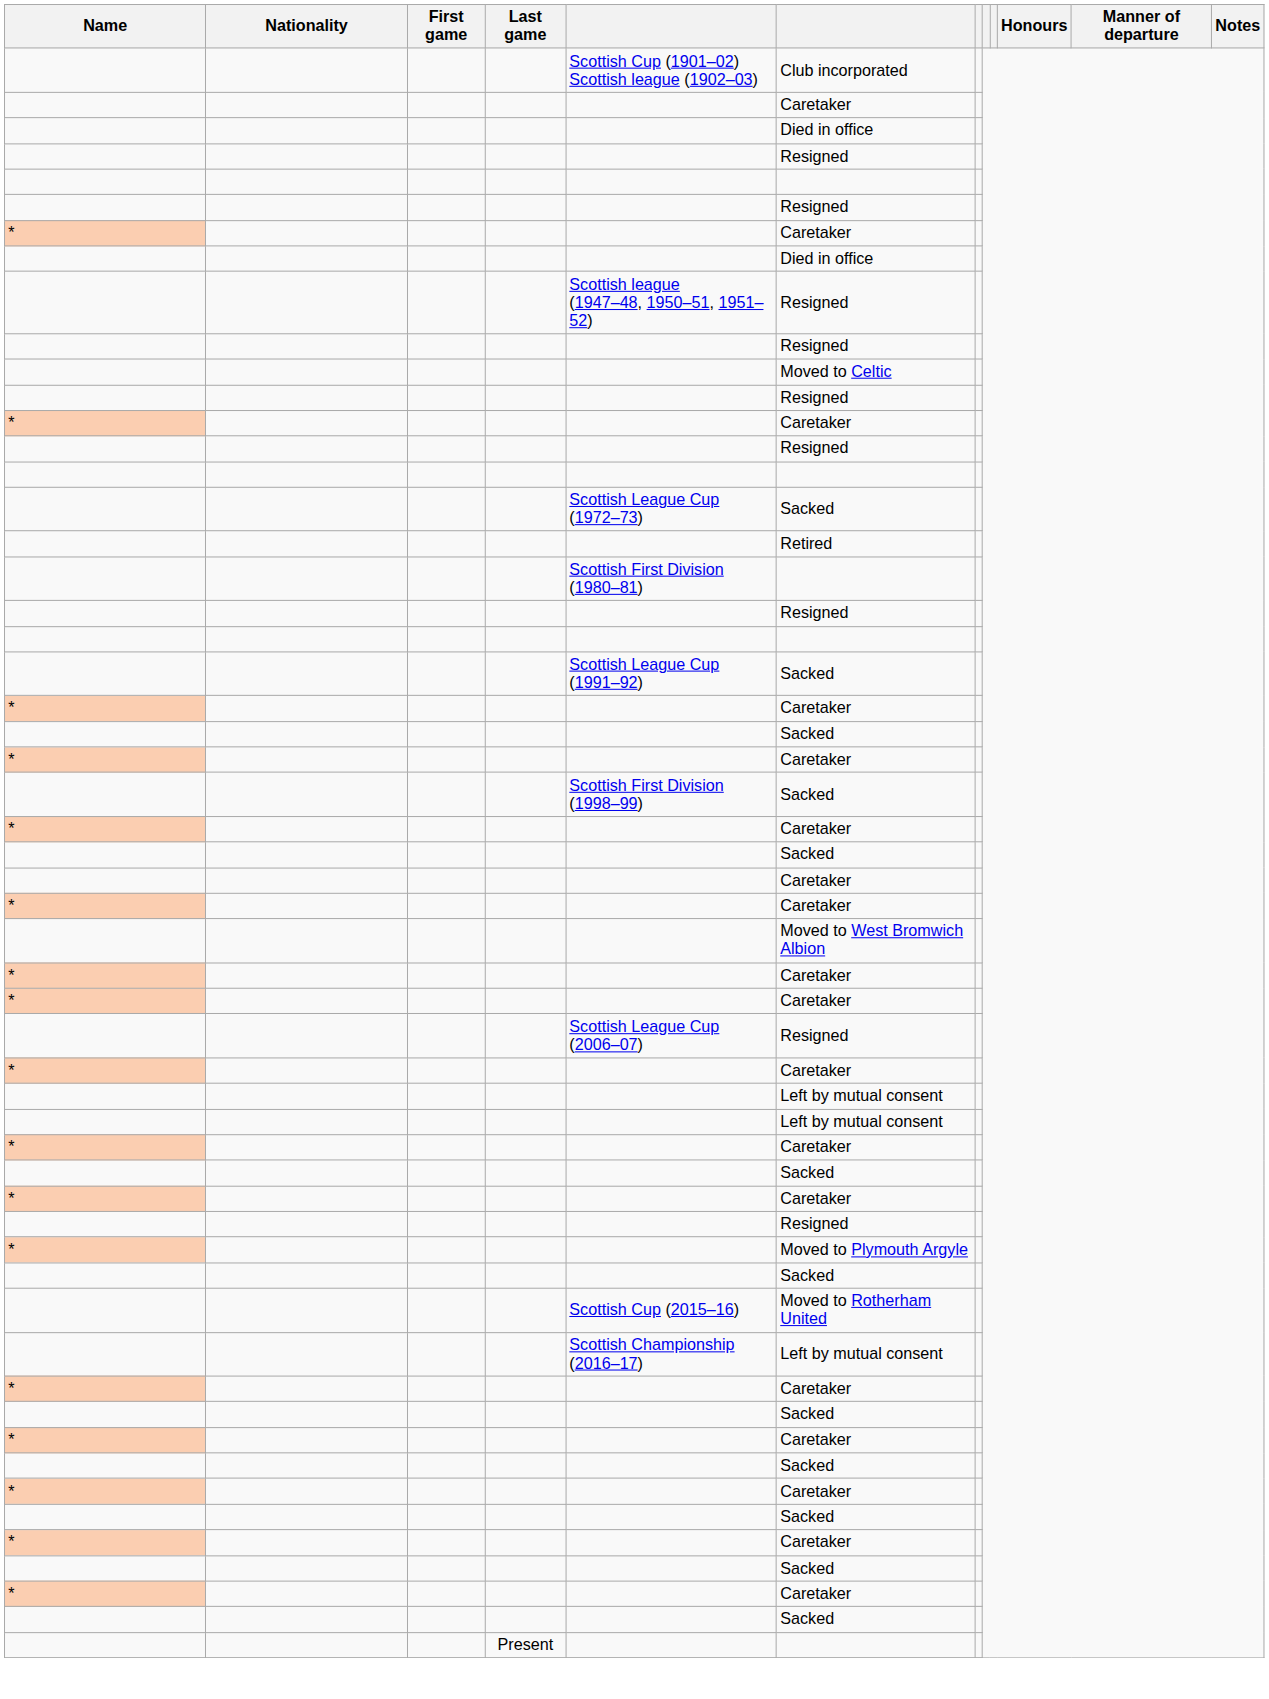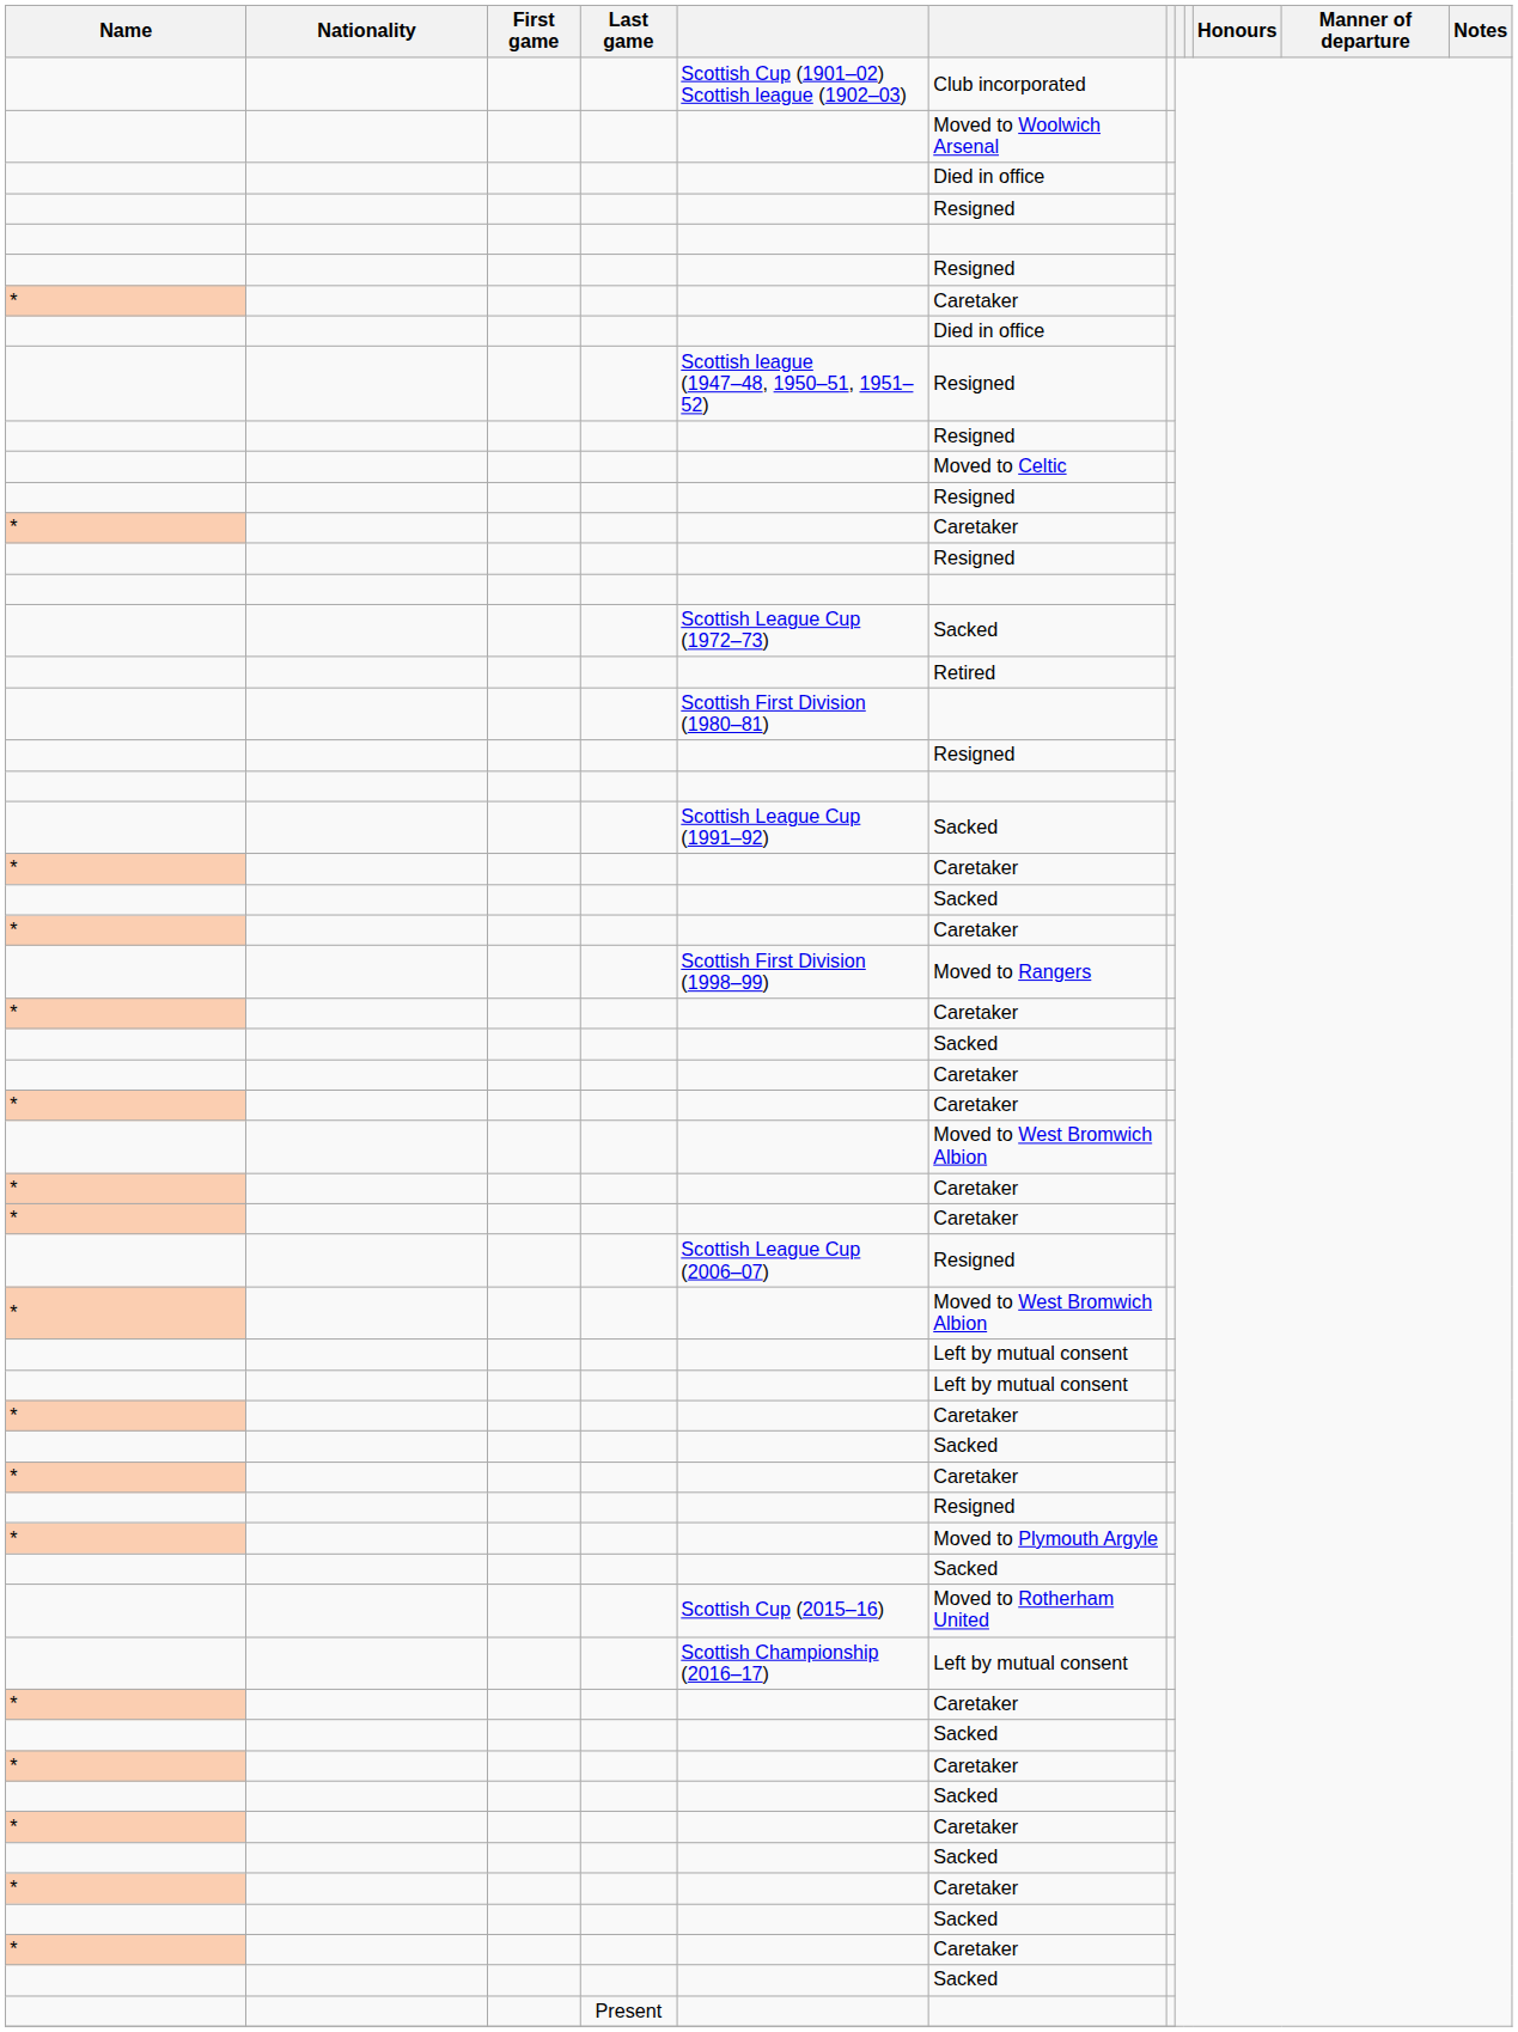 <table class="wikitable sortable" style="text-align: center;">
 <tr>
 <th style="width:12em">Name</th>
 <th style="width:12em">Nationality</th>
 <th>First game</th>
 <th>Last game</th>
 <th></th>
 <th></th>
 <th></th>
 <th></th>
 <th></th>
 <th class="unsortable">Honours</th>
 <th class="unsortable">Manner of departure</th>
 <th class="unsortable">Notes</th>
 </tr>
 <tr>
 <td align=left></td>
 <td align=left></td>
 <td></td>
 <td><br></td>
 <td align=left><a href='#'>Scottish Cup</a> (<a href='#'>1901–02</a>)<br><a href='#'>Scottish league</a> (<a href='#'>1902–03</a>)</td>
 <td align=left>Club incorporated</td>
 <td></td>
 </tr>
 <tr>
 <td align=left></td>
 <td align=left></td>
 <td></td>
 <td><br></td>
 <td></td>
-<td align=left>Caretaker</td>
+<td align=left>Moved to <a href='#'>Woolwich Arsenal</a></td>
 <td></td>
 </tr>
 <tr>
 <td align=left></td>
 <td align=left></td>
 <td></td>
 <td><br></td>
 <td></td>
 <td align=left>Died in office</td>
 <td></td>
 </tr>
 <tr>
 <td align=left></td>
 <td align=left></td>
 <td></td>
 <td><br></td>
 <td></td>
 <td align=left>Resigned</td>
 <td></td>
 </tr>
 <tr>
 <td align=left></td>
 <td align=left></td>
 <td></td>
 <td><br></td>
 <td></td>
 <td align=left></td>
 <td></td>
 </tr>
 <tr>
 <td align=left></td>
 <td align=left></td>
 <td></td>
 <td><br></td>
 <td></td>
 <td align=left>Resigned</td>
 <td></td>
 </tr>
 <tr>
 <td scope=row style=background:#FBCEB1 align=left><em></em>*</td>
 <td align=left></td>
 <td></td>
 <td><br></td>
 <td></td>
 <td align=left>Caretaker</td>
 <td></td>
 </tr>
 <tr>
 <td align=left></td>
 <td align=left></td>
 <td></td>
 <td><br></td>
 <td></td>
 <td align=left>Died in office</td>
 <td></td>
 </tr>
 <tr>
 <td align=left></td>
 <td align=left></td>
 <td></td>
 <td><br></td>
 <td align=left><a href='#'>Scottish league</a><br>(<a href='#'>1947–48</a>, <a href='#'>1950–51</a>, <a href='#'>1951–52</a>)</td>
 <td align=left>Resigned</td>
 <td></td>
 </tr>
 <tr>
 <td align=left></td>
 <td align=left></td>
 <td></td>
 <td><br></td>
 <td></td>
 <td align=left>Resigned</td>
 <td></td>
 </tr>
 <tr>
 <td align=left></td>
 <td align=left></td>
 <td></td>
 <td><br></td>
 <td></td>
 <td align=left>Moved to <a href='#'>Celtic</a></td>
 <td></td>
 </tr>
 <tr>
 <td align=left></td>
 <td align=left></td>
 <td></td>
 <td><br></td>
 <td></td>
 <td align=left>Resigned</td>
 <td></td>
 </tr>
 <tr>
 <td scope=row style=background:#FBCEB1 align=left><em></em>*</td>
 <td align=left></td>
 <td></td>
 <td><br></td>
 <td></td>
 <td align=left>Caretaker</td>
 <td></td>
 </tr>
 <tr>
 <td align=left></td>
 <td align=left></td>
 <td></td>
 <td><br></td>
 <td></td>
 <td align=left>Resigned</td>
 <td></td>
 </tr>
 <tr>
 <td align=left></td>
 <td align=left></td>
 <td></td>
 <td><br></td>
 <td></td>
 <td align=left></td>
 <td></td>
 </tr>
 <tr>
 <td align=left></td>
 <td align=left></td>
 <td></td>
 <td><br></td>
 <td align=left><a href='#'>Scottish League Cup</a> (<a href='#'>1972–73</a>)</td>
 <td align=left>Sacked</td>
 <td></td>
 </tr>
 <tr>
 <td align=left></td>
 <td align=left></td>
 <td></td>
 <td><br></td>
 <td></td>
 <td align=left>Retired</td>
 <td></td>
 </tr>
 <tr>
 <td align=left></td>
 <td align=left></td>
 <td></td>
 <td><br></td>
 <td align=left><a href='#'>Scottish First Division</a> (<a href='#'>1980–81</a>)</td>
 <td align=left></td>
 <td></td>
 </tr>
 <tr>
 <td align=left></td>
 <td align=left></td>
 <td></td>
 <td><br></td>
 <td></td>
 <td align=left>Resigned</td>
 <td></td>
 </tr>
 <tr>
 <td align=left></td>
 <td align=left></td>
 <td></td>
 <td><br></td>
 <td></td>
 <td align=left></td>
 <td></td>
 </tr>
 <tr>
 <td align=left></td>
 <td align=left></td>
 <td></td>
 <td><br></td>
 <td align=left><a href='#'>Scottish League Cup</a> (<a href='#'>1991–92</a>)</td>
 <td align=left>Sacked</td>
 <td></td>
 </tr>
 <tr>
 <td scope=row style=background:#FBCEB1 align=left><em></em>*</td>
 <td align=left></td>
 <td></td>
 <td><br></td>
 <td></td>
 <td align=left>Caretaker</td>
 <td></td>
 </tr>
 <tr>
 <td align=left></td>
 <td align=left></td>
 <td></td>
 <td><br></td>
 <td></td>
 <td align=left>Sacked</td>
 <td></td>
 </tr>
 <tr>
 <td scope=row style=background:#FBCEB1 align=left><em></em>*</td>
 <td align=left></td>
 <td></td>
 <td><br></td>
 <td></td>
 <td align=left>Caretaker</td>
 <td></td>
 </tr>
 <tr>
 <td align=left></td>
 <td align=left></td>
 <td></td>
 <td><br></td>
 <td align=left><a href='#'>Scottish First Division</a> (<a href='#'>1998–99</a>)</td>
-<td align=left>Sacked</td>
+<td align=left>Moved to <a href='#'>Rangers</a></td>
 <td></td>
 </tr>
 <tr>
 <td scope=row style=background:#FBCEB1 align=left><em></em>*</td>
 <td align=left></td>
 <td></td>
 <td><br></td>
 <td></td>
 <td align=left>Caretaker</td>
 <td></td>
 </tr>
 <tr>
 <td align=left></td>
 <td align=left></td>
 <td></td>
 <td><br></td>
 <td></td>
 <td align=left>Sacked</td>
 <td></td>
 </tr>
 <tr>
 <td align=left></td>
 <td align=left></td>
 <td></td>
 <td><br></td>
 <td></td>
 <td align=left>Caretaker</td>
 <td></td>
 </tr>
 <tr>
 <td scope=row style=background:#FBCEB1 align=left><em></em>*</td>
 <td align=left></td>
 <td></td>
 <td><br></td>
 <td></td>
 <td align=left>Caretaker</td>
 <td></td>
 </tr>
 <tr>
 <td align=left></td>
 <td align=left></td>
 <td></td>
 <td><br></td>
 <td></td>
 <td align=left>Moved to <a href='#'>West Bromwich Albion</a></td>
 <td></td>
 </tr>
 <tr>
 <td scope=row style=background:#FBCEB1 align=left><em></em>*</td>
 <td align=left></td>
 <td></td>
 <td><br></td>
 <td></td>
 <td align=left>Caretaker</td>
 <td></td>
 </tr>
 <tr>
 <td scope=row style=background:#FBCEB1 align=left><em></em>*</td>
 <td align=left></td>
 <td></td>
 <td><br></td>
 <td></td>
 <td align=left>Caretaker</td>
 <td></td>
 </tr>
 <tr>
 <td align=left></td>
 <td align=left></td>
 <td></td>
 <td><br></td>
 <td align=left><a href='#'>Scottish League Cup</a> (<a href='#'>2006–07</a>)</td>
 <td align=left>Resigned</td>
 <td></td>
 </tr>
 <tr>
 <td scope=row style=background:#FBCEB1 align=left><em></em>*</td>
 <td align=left></td>
 <td></td>
 <td><br></td>
 <td></td>
-<td align=left>Caretaker</td>
+<td align=left>Moved to <a href='#'>West Bromwich Albion</a></td>
 <td></td>
 </tr>
 <tr>
 <td align=left></td>
 <td align=left></td>
 <td></td>
 <td><br></td>
 <td></td>
 <td align=left>Left by mutual consent</td>
 <td></td>
 </tr>
 <tr>
 <td align=left></td>
 <td align=left></td>
 <td></td>
 <td><br></td>
 <td align=left></td>
 <td align=left>Left by mutual consent</td>
 <td></td>
 </tr>
 <tr>
 <td scope=row style=background:#FBCEB1 align=left><em></em>*</td>
 <td align=left></td>
 <td></td>
 <td><br></td>
 <td></td>
 <td align=left>Caretaker</td>
 <td></td>
 </tr>
 <tr>
 <td align=left></td>
 <td align=left></td>
 <td></td>
 <td><br></td>
 <td align=left></td>
 <td align=left>Sacked</td>
 <td></td>
 </tr>
 <tr>
 <td scope=row style=background:#FBCEB1 align=left><em></em>*</td>
 <td align=left></td>
 <td></td>
 <td><br></td>
 <td></td>
 <td align=left>Caretaker</td>
 <td></td>
 </tr>
 <tr>
 <td align=left></td>
 <td align=left></td>
 <td></td>
 <td><br></td>
 <td align=left></td>
 <td align=left>Resigned</td>
 <td></td>
 </tr>
 <tr>
 <td scope=row style=background:#FBCEB1 align=left><em></em>*</td>
 <td align=left></td>
 <td></td>
 <td><br></td>
 <td></td>
 <td align=left>Moved to <a href='#'>Plymouth Argyle</a></td>
 <td></td>
 </tr>
 <tr>
 <td align=left></td>
 <td align=left></td>
 <td></td>
 <td><br></td>
 <td align=left></td>
 <td align=left>Sacked</td>
 <td></td>
 </tr>
 <tr>
 <td align=left></td>
 <td align=left></td>
 <td></td>
 <td><br></td>
 <td align=left><a href='#'>Scottish Cup</a> (<a href='#'>2015–16</a>)</td>
 <td align=left>Moved to <a href='#'>Rotherham United</a></td>
 <td></td>
 </tr>
 <tr>
 <td align=left></td>
 <td align=left></td>
 <td></td>
 <td><br></td>
 <td align=left><a href='#'>Scottish Championship</a> (<a href='#'>2016–17</a>)</td>
 <td align=left>Left by mutual consent</td>
 <td></td>
 </tr>
 <tr>
 <td scope=row style=background:#FBCEB1 align=left><em></em>*</td>
 <td align=left></td>
 <td></td>
 <td><br></td>
 <td></td>
 <td align=left>Caretaker</td>
 <td></td>
 </tr>
 <tr>
 <td align=left></td>
 <td align=left></td>
 <td></td>
 <td><br></td>
 <td align=left></td>
 <td align=left>Sacked</td>
 <td></td>
 </tr>
 <tr>
 <td scope=row style=background:#FBCEB1 align=left><em></em>*</td>
 <td align=left></td>
 <td></td>
 <td><br></td>
 <td></td>
 <td align=left>Caretaker</td>
 <td></td>
 </tr>
 <tr>
 <td align=left></td>
 <td align=left></td>
 <td></td>
 <td><br></td>
 <td align=left></td>
 <td align=left>Sacked</td>
 <td></td>
 </tr>
 <tr>
 <td scope=row style=background:#FBCEB1 align=left><em></em>*</td>
 <td align=left></td>
 <td></td>
 <td><br></td>
 <td></td>
 <td align=left>Caretaker</td>
 <td></td>
 </tr>
 <tr>
 <td align=left></td>
 <td align=left></td>
 <td></td>
 <td><br></td>
 <td></td>
 <td align=left>Sacked</td>
 <td></td>
 </tr>
 <tr>
 <td scope=row style=background:#FBCEB1 align=left><em></em>*</td>
 <td align=left></td>
 <td></td>
 <td><br></td>
 <td></td>
 <td align=left>Caretaker</td>
 <td></td>
 </tr>
 <tr>
 <td scope=row align=left></td>
 <td align=left></td>
 <td></td>
 <td><br></td>
 <td></td>
 <td align=left>Sacked</td>
 <td></td>
 </tr>
 <tr>
 <td scope=row style=background:#FBCEB1 align=left><em></em>*</td>
 <td align=left></td>
 <td></td>
 <td><br></td>
 <td></td>
 <td align=left>Caretaker</td>
 <td></td>
 </tr>
 <tr>
 <td scope=row align=left></td>
 <td align=left></td>
 <td></td>
 <td><br></td>
 <td></td>
 <td align=left>Sacked</td>
 <td></td>
 </tr>
 <tr>
 <td scope=row align=left> </td>
 <td align=left></td>
 <td></td>
 <td>Present<br></td>
 <td></td>
 <td align=left></td>
 <td></td>
 </tr>
 <tr>
 </tr>
 <tr>
 </tr>
 </table>
